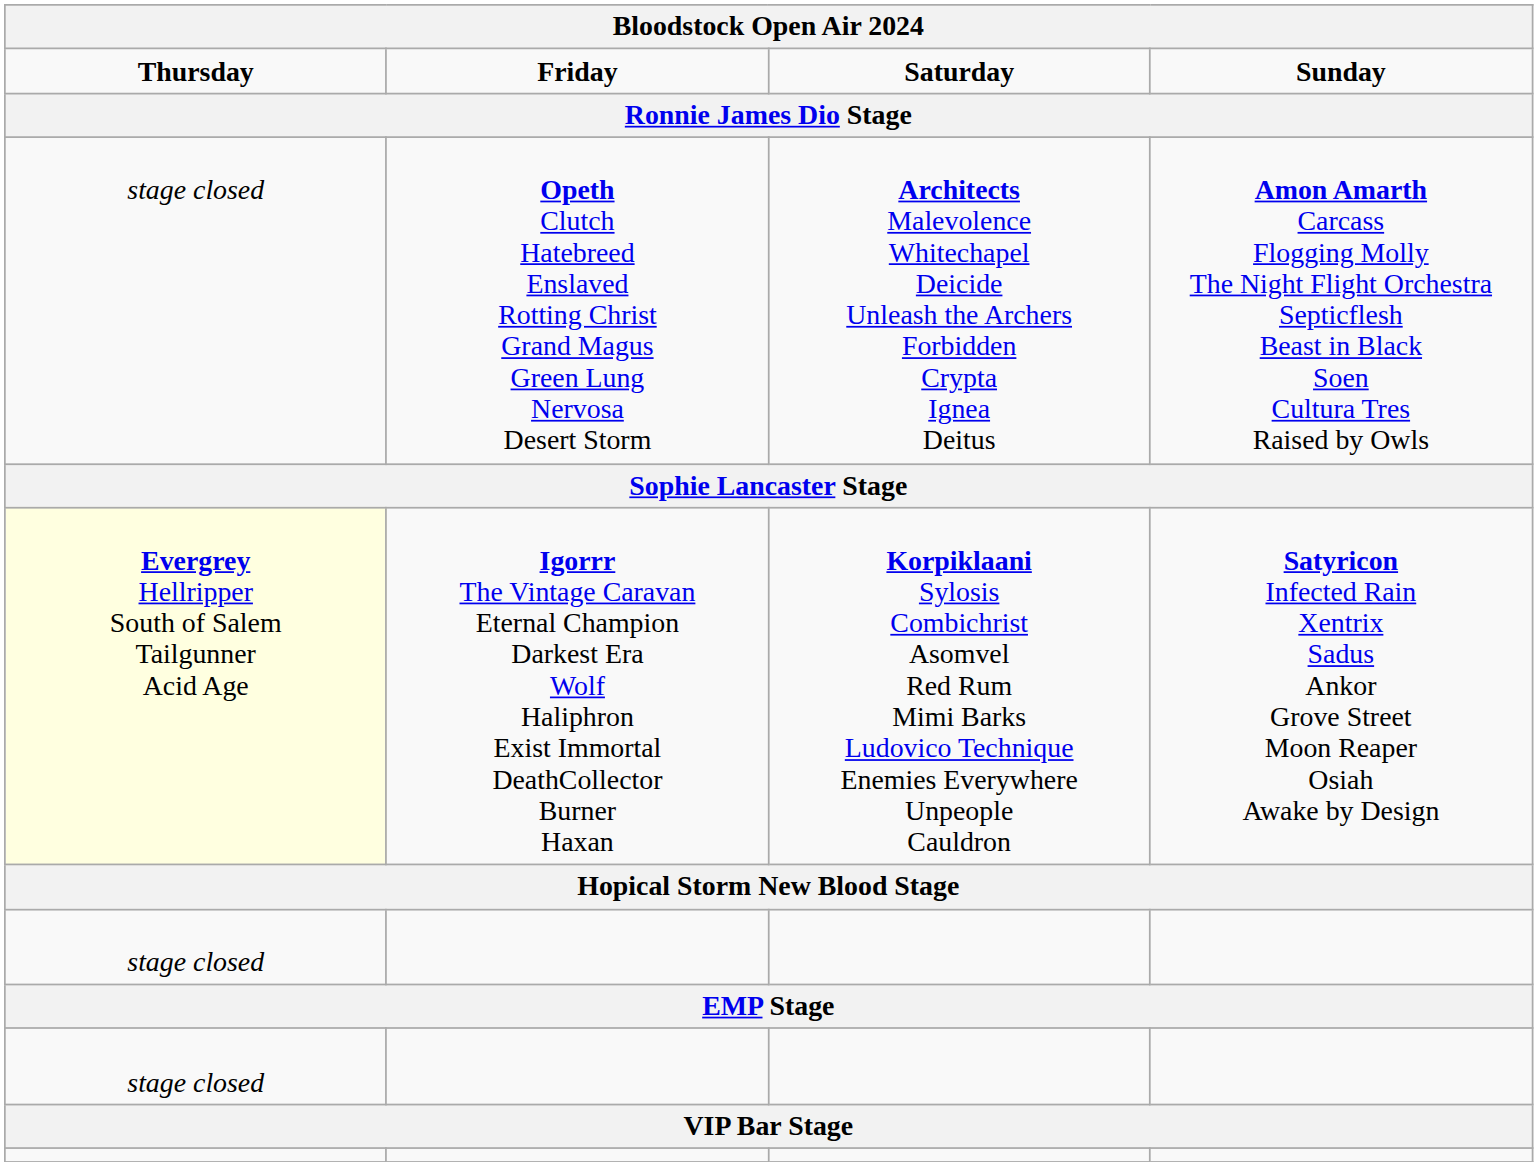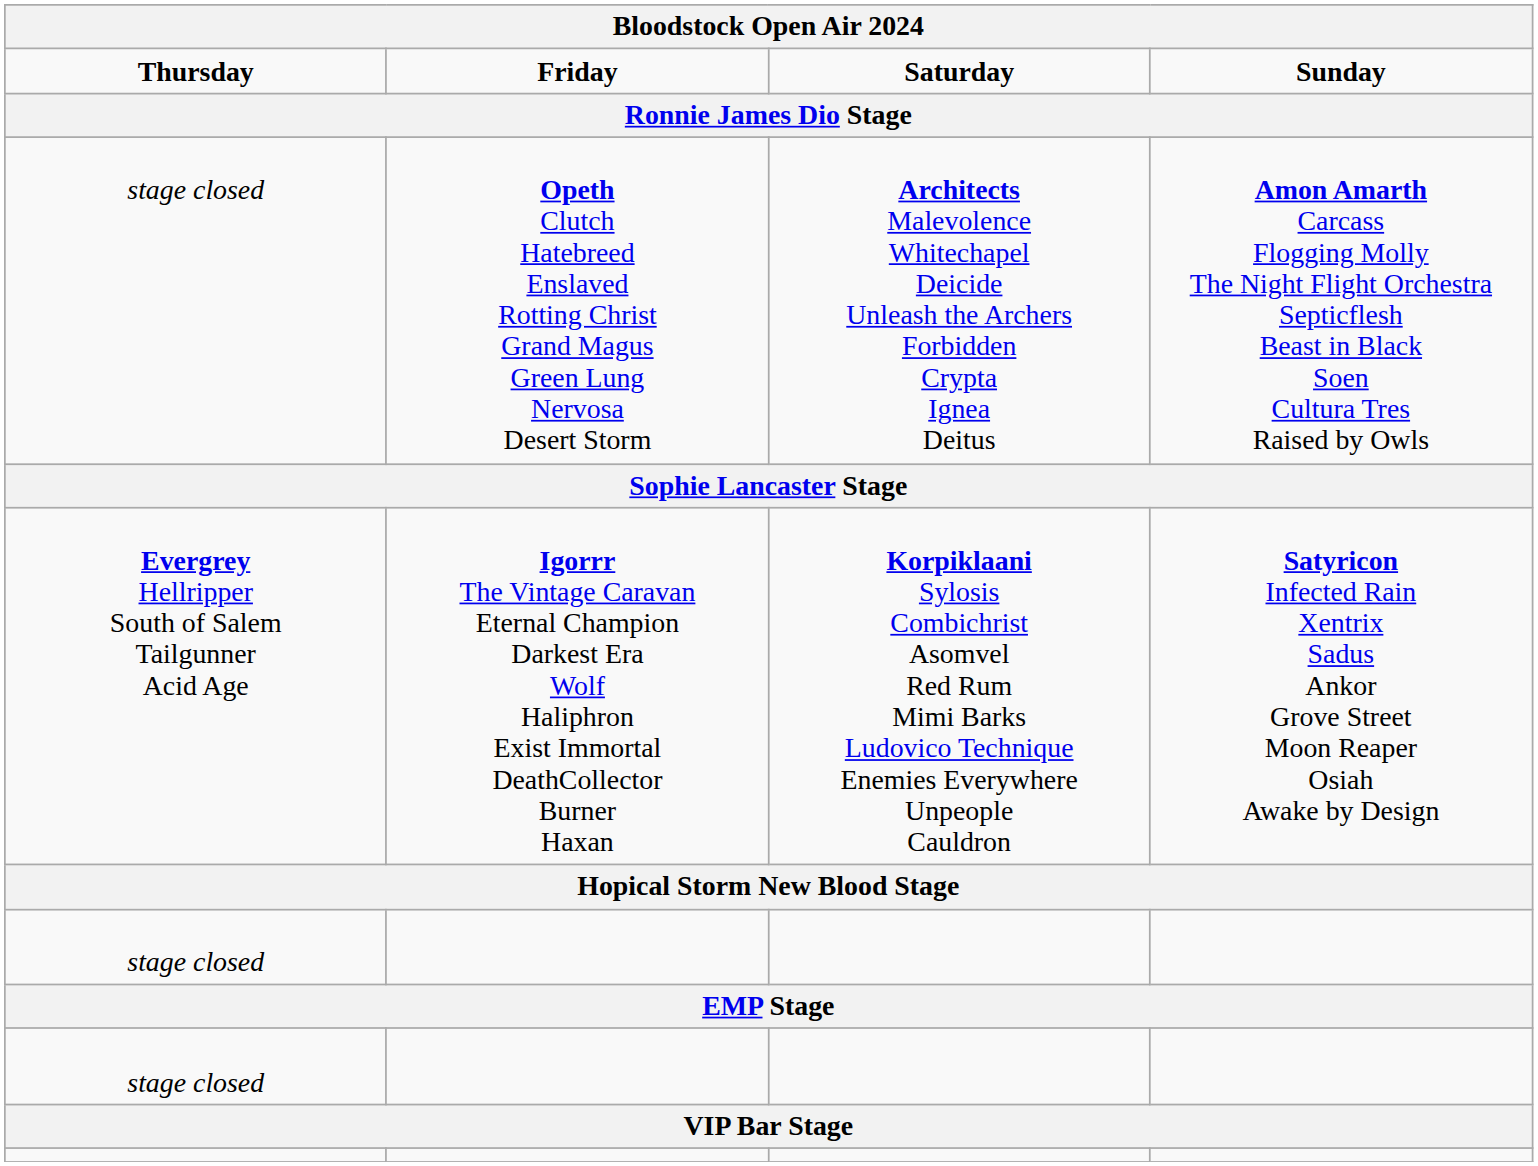 <table class="wikitable">
 <tr>
 <th colspan="4" align="center"><strong>Bloodstock Open Air 2024</strong></th>
 </tr>
 <tr>
 <td align="center"><strong>Thursday</strong></td>
 <td align="center"><strong>Friday</strong></td>
 <td align="center"><strong>Saturday</strong></td>
 <td align="center"><strong>Sunday</strong></td>
 </tr>
 <tr>
 <th colspan="4" align="center"><strong><a href='#'>Ronnie James Dio</a> Stage</strong></th>
 </tr>
 <tr>
 <td valign="top" align="center" width=212><br><em>stage closed</em></td>
 <td valign="top" align="center" width=212><br><strong><a href='#'>Opeth</a></strong> <br> <a href='#'>Clutch</a> <br> <a href='#'>Hatebreed</a> <br> <a href='#'>Enslaved</a> <br> <a href='#'>Rotting Christ</a> <br> <a href='#'>Grand Magus</a> <br> <a href='#'>Green Lung</a> <br> <a href='#'>Nervosa</a> <br> Desert Storm <br></td>
 <td valign="top" align="center" width=212><br><strong><a href='#'>Architects</a></strong> <br> <a href='#'>Malevolence</a> <br> <a href='#'>Whitechapel</a> <br> <a href='#'>Deicide</a> <br> <a href='#'>Unleash the Archers</a> <br> <a href='#'>Forbidden</a> <br> <a href='#'>Crypta</a> <br> <a href='#'>Ignea</a> <br> Deitus <br></td>
 <td valign="top" align="center" width=212><br><strong><a href='#'>Amon Amarth</a></strong> <br> <a href='#'>Carcass</a> <br> <a href='#'>Flogging Molly</a> <br> <a href='#'>The Night Flight Orchestra</a> <br> <a href='#'>Septicflesh</a> <br> <a href='#'>Beast in Black</a> <br> <a href='#'>Soen</a> <br> <a href='#'>Cultura Tres</a> <br> Raised by Owls <br></td>
 </tr>
 <tr>
 <th colspan="4" align="center"><strong><a href='#'>Sophie Lancaster</a> Stage</strong></th>
 </tr>
 <tr>
-<td align="center" valign="top" width="212" style="background: lightyellow;"><br><strong><a href='#'>Evergrey</a></strong> <br> <a href='#'>Hellripper</a> <br> South of Salem <br> Tailgunner <br> Acid Age <br></td>
+<td align="center" valign="top" width="212"><br><strong><a href='#'>Evergrey</a></strong> <br> <a href='#'>Hellripper</a> <br> South of Salem <br> Tailgunner <br> Acid Age <br></td>
 <td valign="top" align="center" width=212><br><strong><a href='#'>Igorrr</a></strong> <br> <a href='#'>The Vintage Caravan</a> <br> Eternal Champion <br> Darkest Era <br> <a href='#'>Wolf</a> <br> Haliphron <br> Exist Immortal <br> DeathCollector <br> Burner <br> Haxan <br></td>
 <td valign="top" align="center" width=212><br><strong><a href='#'>Korpiklaani</a></strong> <br> <a href='#'>Sylosis</a> <br> <a href='#'>Combichrist</a> <br> Asomvel <br> Red Rum <br> Mimi Barks <br> <a href='#'> Ludovico Technique</a> <br> Enemies Everywhere <br> Unpeople <br> Cauldron <br></td>
 <td valign="top" align="center" width=212><br><strong><a href='#'>Satyricon</a></strong> <br> <a href='#'>Infected Rain</a> <br> <a href='#'>Xentrix</a> <br> <a href='#'>Sadus</a> <br> Ankor <br> Grove Street <br> Moon Reaper <br> Osiah <br> Awake by Design <br></td>
 </tr>
 <tr>
 <th colspan="4" align="center"><strong>Hopical Storm New Blood Stage</strong></th>
 </tr>
 <tr>
 <td align="center" valign="top" width="212"><br><em>stage closed</em></td>
 <td align="center" valign="top" width="212"></td>
 <td align="center" valign="top" width="212"></td>
 <td align="center" valign="top" width="212"></td>
 </tr>
 <tr>
 <th colspan="4" align="center"><strong><a href='#'>EMP</a> Stage</strong></th>
 </tr>
 <tr>
 <td align="center" valign="top" width="212"><br><em>stage closed</em></td>
 <td align="center" valign="top" width="212"></td>
 <td align="center" valign="top" width="212"></td>
 <td align="center" valign="top" width="212"></td>
 </tr>
 <tr>
 <th colspan="4" align="center"><strong>VIP Bar Stage</strong></th>
 </tr>
 <tr>
 <td align="center" valign="top" width="212"></td>
 <td align="center" valign="top" width="212"></td>
 <td align="center" valign="top" width="212"></td>
 <td align="center" valign="top" width="212"></td>
 </tr>
 </table>
